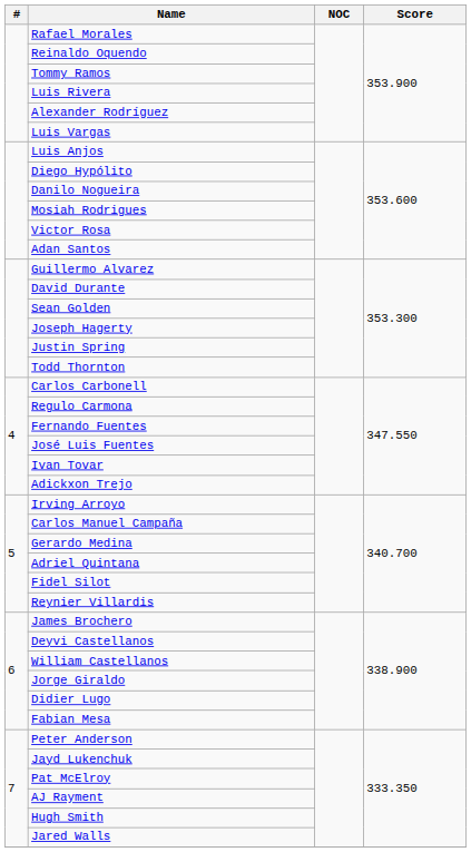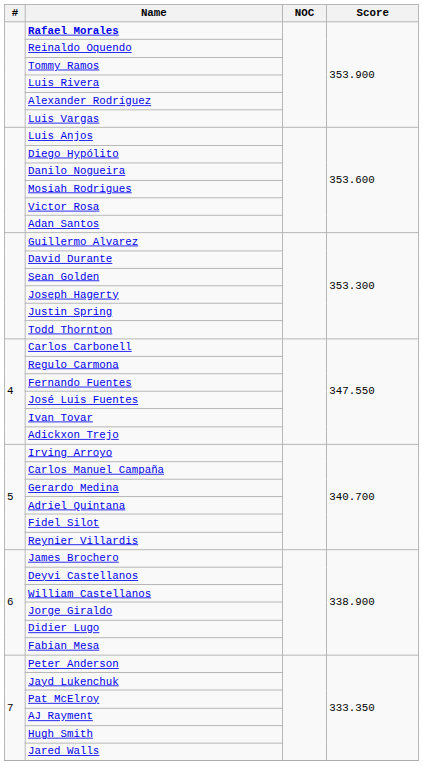 <table class="wikitable" width=500>
 <tr>
 <th>#</th>
 <th>Name</th>
 <th>NOC</th>
 <th>Score</th>
 </tr>
 <tr>
 <td rowspan=6></td>
-<td><a href='#'>Rafael Morales</a></td>
+<td><strong><a href='#'>Rafael Morales</a></strong></td>
 <td rowspan=6></td>
 <td rowspan=6>353.900</td>
 </tr>
 <tr>
 <td><a href='#'>Reinaldo Oquendo</a></td>
 </tr>
 <tr>
 <td><a href='#'>Tommy Ramos</a></td>
 </tr>
 <tr>
 <td><a href='#'>Luis Rivera</a></td>
 </tr>
 <tr>
 <td><a href='#'>Alexander Rodríguez</a></td>
 </tr>
 <tr>
 <td><a href='#'>Luis Vargas</a></td>
 </tr>
 <tr>
 <td rowspan=6></td>
 <td><a href='#'>Luis Anjos</a></td>
 <td rowspan=6></td>
 <td rowspan=6>353.600</td>
 </tr>
 <tr>
 <td><a href='#'>Diego Hypólito</a></td>
 </tr>
 <tr>
 <td><a href='#'>Danilo Nogueira</a></td>
 </tr>
 <tr>
 <td><a href='#'>Mosiah Rodrigues</a></td>
 </tr>
 <tr>
 <td><a href='#'>Victor Rosa</a></td>
 </tr>
 <tr>
 <td><a href='#'>Adan Santos</a></td>
 </tr>
 <tr>
 <td rowspan=6></td>
 <td><a href='#'>Guillermo Alvarez</a></td>
 <td rowspan=6></td>
 <td rowspan=6>353.300</td>
 </tr>
 <tr>
 <td><a href='#'>David Durante</a></td>
 </tr>
 <tr>
 <td><a href='#'>Sean Golden</a></td>
 </tr>
 <tr>
 <td><a href='#'>Joseph Hagerty</a></td>
 </tr>
 <tr>
 <td><a href='#'>Justin Spring</a></td>
 </tr>
 <tr>
 <td><a href='#'>Todd Thornton</a></td>
 </tr>
 <tr>
 <td rowspan=6>4</td>
 <td><a href='#'>Carlos Carbonell</a></td>
 <td rowspan=6></td>
 <td rowspan=6>347.550</td>
 </tr>
 <tr>
 <td><a href='#'>Regulo Carmona</a></td>
 </tr>
 <tr>
 <td><a href='#'>Fernando Fuentes</a></td>
 </tr>
 <tr>
 <td><a href='#'>José Luis Fuentes</a></td>
 </tr>
 <tr>
 <td><a href='#'>Ivan Tovar</a></td>
 </tr>
 <tr>
 <td><a href='#'>Adickxon Trejo</a></td>
 </tr>
 <tr>
 <td rowspan=6>5</td>
 <td><a href='#'>Irving Arroyo</a></td>
 <td rowspan=6></td>
 <td rowspan=6>340.700</td>
 </tr>
 <tr>
 <td><a href='#'>Carlos Manuel Campaña</a></td>
 </tr>
 <tr>
 <td><a href='#'>Gerardo Medina</a></td>
 </tr>
 <tr>
 <td><a href='#'>Adriel Quintana</a></td>
 </tr>
 <tr>
 <td><a href='#'>Fidel Silot</a></td>
 </tr>
 <tr>
 <td><a href='#'>Reynier Villardis</a></td>
 </tr>
 <tr>
 <td rowspan=6>6</td>
 <td><a href='#'>James Brochero</a></td>
 <td rowspan=6></td>
 <td rowspan=6>338.900</td>
 </tr>
 <tr>
 <td><a href='#'>Deyvi Castellanos</a></td>
 </tr>
 <tr>
 <td><a href='#'>William Castellanos</a></td>
 </tr>
 <tr>
 <td><a href='#'>Jorge Giraldo</a></td>
 </tr>
 <tr>
 <td><a href='#'>Didier Lugo</a></td>
 </tr>
 <tr>
 <td><a href='#'>Fabian Mesa</a></td>
 </tr>
 <tr>
 <td rowspan=6>7</td>
 <td><a href='#'>Peter Anderson</a></td>
 <td rowspan=6></td>
 <td rowspan=6>333.350</td>
 </tr>
 <tr>
 <td><a href='#'>Jayd Lukenchuk</a></td>
 </tr>
 <tr>
 <td><a href='#'>Pat McElroy</a></td>
 </tr>
 <tr>
 <td><a href='#'>AJ Rayment</a></td>
 </tr>
 <tr>
 <td><a href='#'>Hugh Smith</a></td>
 </tr>
 <tr>
 <td><a href='#'>Jared Walls</a></td>
 </tr>
 <tr>
 </tr>
 </table>
